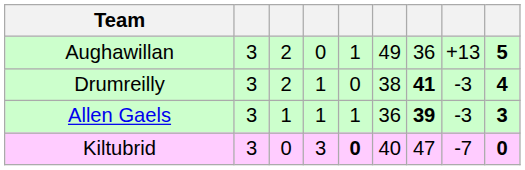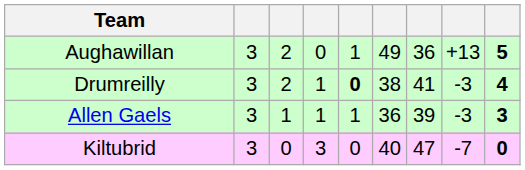 <table class="wikitable" style="text-align:center">
 <tr>
 <th style="width:175px;">Team</th>
 <th width="20"></th>
 <th width="20"></th>
 <th width="20"></th>
 <th width="20"></th>
 <th width="20"></th>
 <th width="20"></th>
 <th width="20"></th>
 <th width="20"></th>
 </tr>
 <tr style="background:#cfc;">
 <td>Aughawillan</td>
 <td>3</td>
 <td>2</td>
 <td>0</td>
 <td>1</td>
 <td>49</td>
 <td>36</td>
 <td>+13</td>
 <td><strong>5</strong></td>
 </tr>
 <tr style="background:#cfc;">
 <td>Drumreilly</td>
 <td>3</td>
 <td>2</td>
 <td>1</td>
-<td>0</td>
+<td><strong>0</strong></td>
 <td>38</td>
-<td><strong>41</strong></td>
+<td>41</td>
 <td>-3</td>
 <td><strong>4</strong></td>
 </tr>
 <tr style="background:#cfc;">
 <td><a href='#'>Allen Gaels</a></td>
 <td>3</td>
 <td>1</td>
 <td>1</td>
 <td>1</td>
 <td>36</td>
-<td><strong>39</strong></td>
+<td>39</td>
 <td>-3</td>
 <td><strong>3</strong></td>
 </tr>
 <tr style="background:#fcf;">
 <td>Kiltubrid</td>
 <td>3</td>
 <td>0</td>
 <td>3</td>
-<td><strong>0</strong></td>
+<td>0</td>
 <td>40</td>
 <td>47</td>
 <td>-7</td>
 <td><strong>0</strong></td>
 </tr>
 </table>
